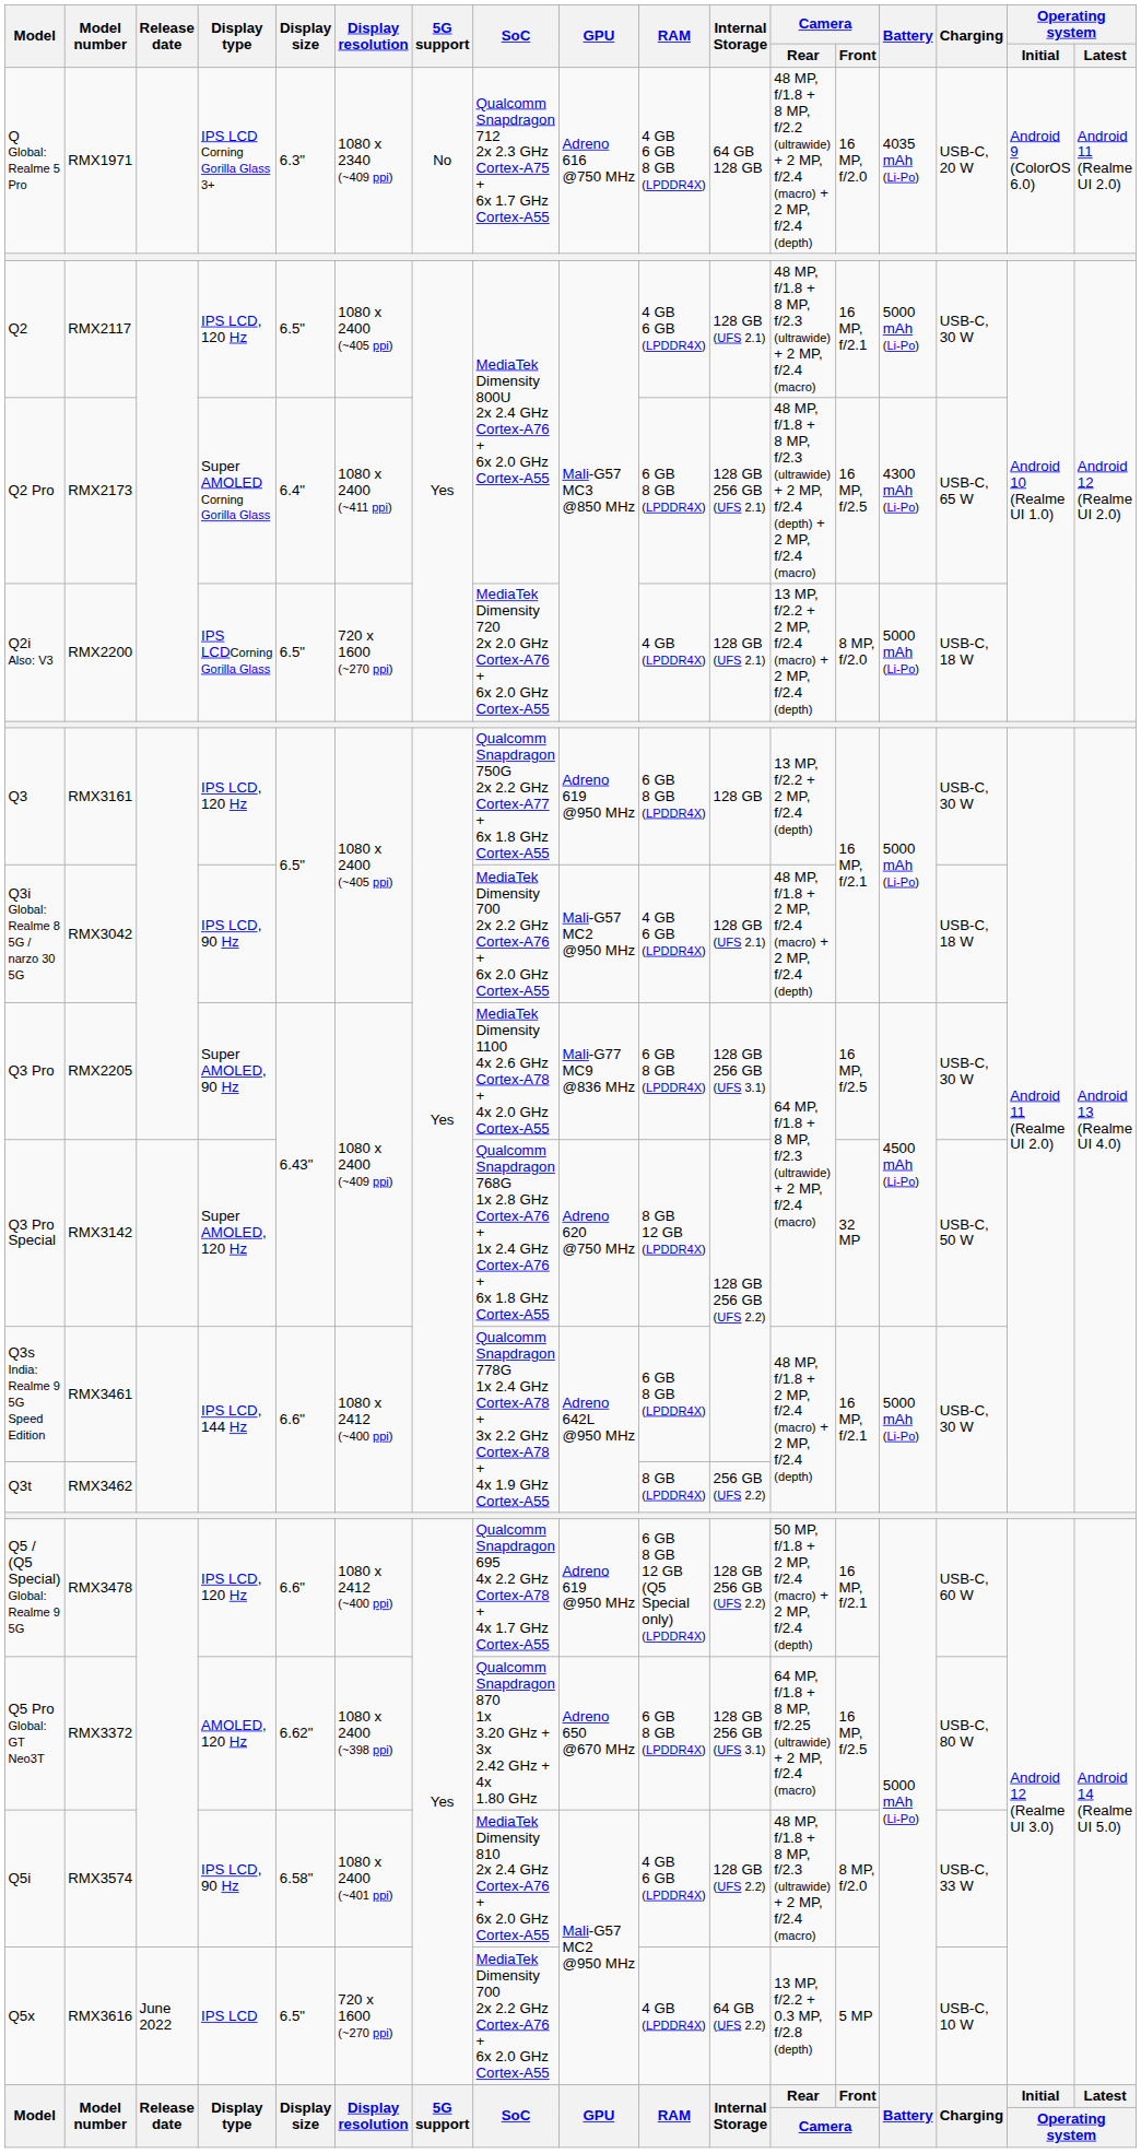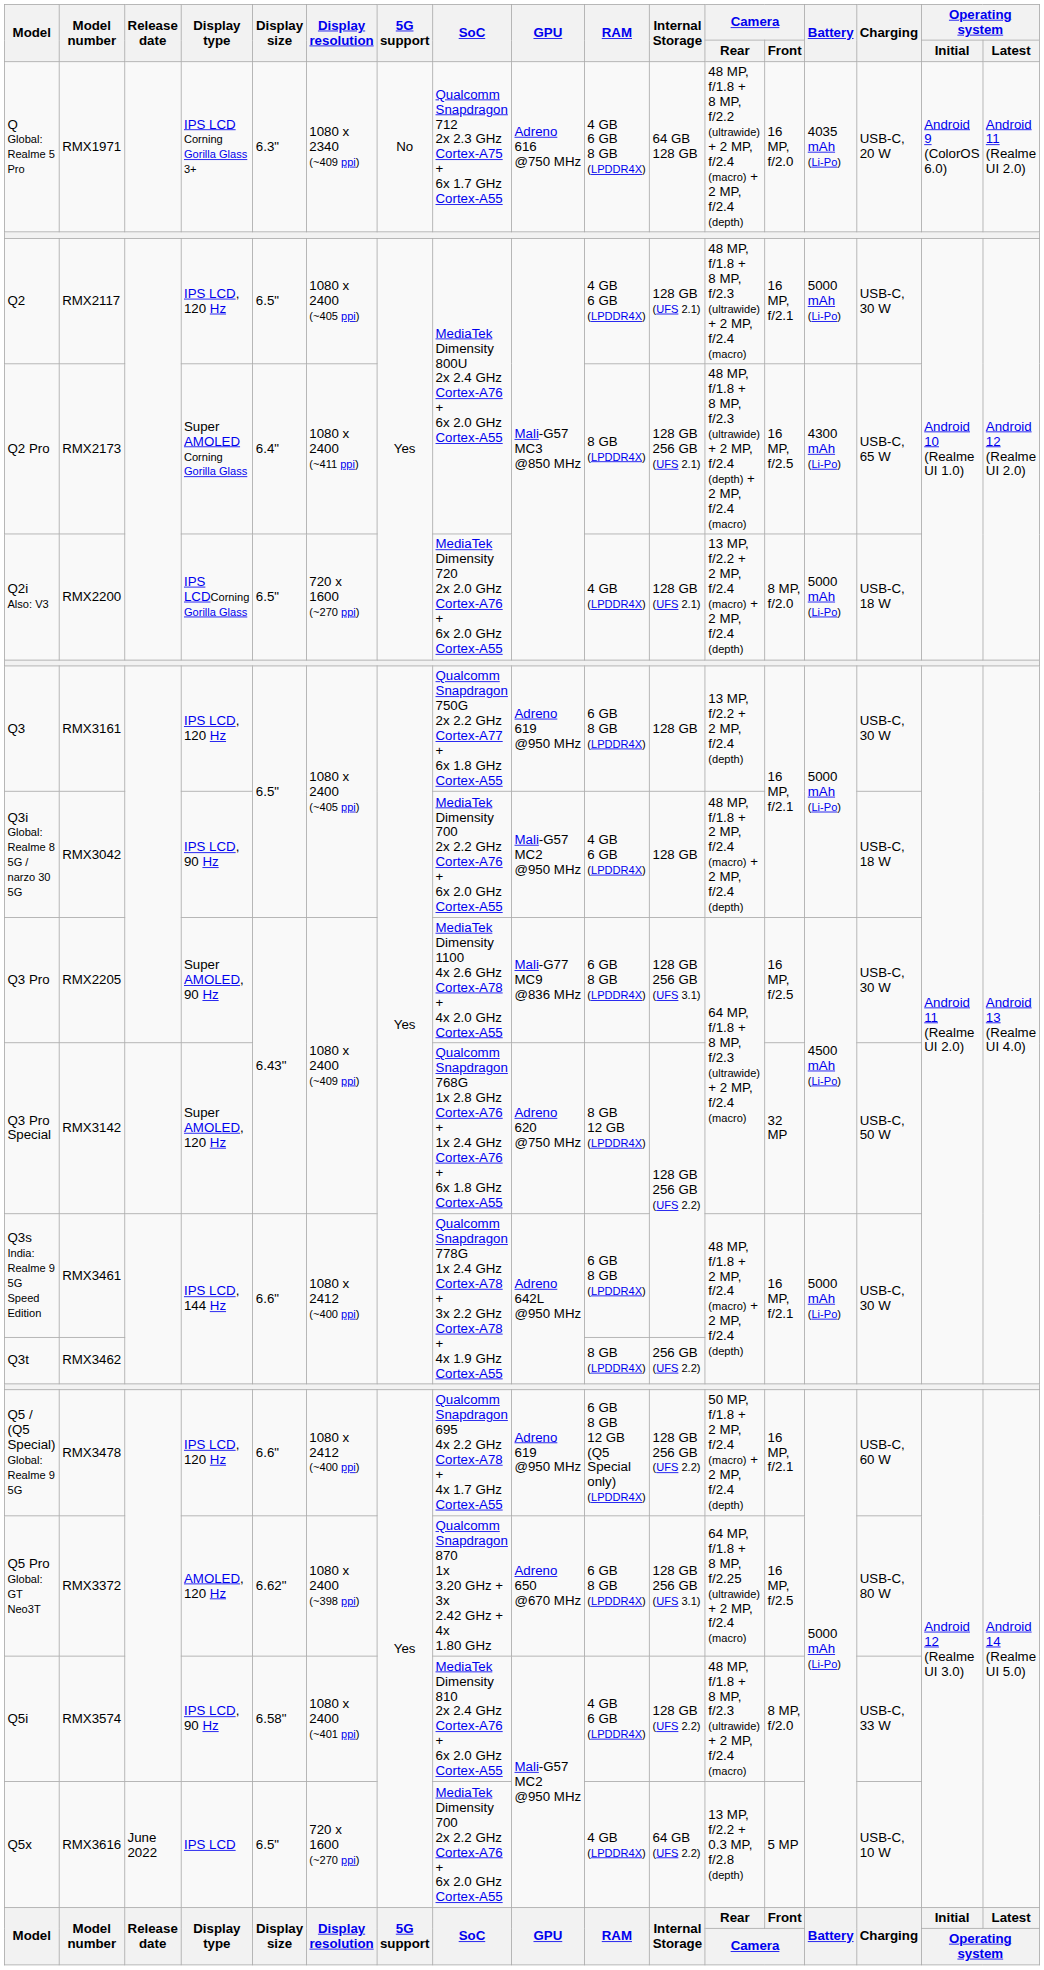 <table class="wikitable sortable mw-collapsible">
 <tr>
 <th rowspan="2">Model</th>
 <th rowspan="2">Model number</th>
 <th rowspan="2">Release date </th>
 <th rowspan="2">Display type</th>
 <th rowspan="2">Display size</th>
 <th rowspan="2"><a href='#'>Display resolution</a></th>
 <th rowspan="2"><a href='#'>5G</a> support</th>
 <th rowspan="2"><a href='#'>SoC</a></th>
 <th rowspan="2"><a href='#'>GPU</a></th>
 <th rowspan="2"><a href='#'>RAM</a></th>
 <th rowspan="2">Internal Storage</th>
 <th colspan="2"><a href='#'>Camera</a></th>
 <th rowspan="2"><a href='#'>Battery</a></th>
 <th rowspan="2">Charging</th>
 <th colspan="2"><a href='#'>Operating system</a></th>
 </tr>
 <tr>
 <th>Rear</th>
 <th>Front</th>
 <th>Initial</th>
 <th>Latest</th>
 </tr>
 <tr>
 <td>Q<br><small>Global: Realme 5 Pro</small></td>
 <td>RMX1971</td>
 <td></td>
 <td><a href='#'>IPS LCD</a><br><small>Corning <a href='#'>Gorilla Glass</a> 3+</small></td>
 <td>6.3"</td>
 <td>1080 x 2340<br><small>(~409 <a href='#'>ppi</a>)</small></td>
 <td style="text-align:center;">No</td>
 <td><a href='#'>Qualcomm Snapdragon</a> 712<br>2x 2.3 GHz <a href='#'>Cortex-A75</a> +<br>6x 1.7 GHz <a href='#'>Cortex-A55</a></td>
 <td><a href='#'>Adreno</a> 616<br>@750 MHz</td>
 <td>4 GB<br>6 GB<br>8 GB<br><small>(<a href='#'>LPDDR4X</a>)</small></td>
 <td>64 GB<br>128 GB</td>
 <td>48 MP, f/1.8 +<br>8 MP, f/2.2 <small>(ultrawide)</small> + 2 MP, f/2.4 <small>(macro)</small> + 2 MP, f/2.4 <small>(depth)</small></td>
 <td>16 MP, f/2.0</td>
 <td>4035 <a href='#'>mAh</a><br><small>(<a href='#'>Li-Po</a>)</small></td>
 <td>USB-C, 20 W</td>
 <td><a href='#'>Android 9</a><br>(ColorOS 6.0)</td>
 <td><a href='#'>Android 11</a><br>(Realme UI 2.0)</td>
 </tr>
 <tr>
 <th colspan="17"></th>
 </tr>
 <tr>
 <td>Q2</td>
 <td>RMX2117</td>
 <td rowspan="3"></td>
 <td><a href='#'>IPS LCD</a>, 120 <a href='#'>Hz</a></td>
 <td>6.5"</td>
 <td>1080 x 2400<br><small>(~405 <a href='#'>ppi</a>)</small></td>
 <td rowspan="3" style="text-align:center;">Yes</td>
 <td rowspan="2"><a href='#'>MediaTek</a> Dimensity 800U<br>2x 2.4 GHz <a href='#'>Cortex-A76</a> +<br>6x 2.0 GHz <a href='#'>Cortex-A55</a></td>
 <td rowspan="3"><a href='#'>Mali</a>-G57 MC3<br>@850 MHz</td>
 <td>4 GB<br>6 GB<br><small>(<a href='#'>LPDDR4X</a>)</small></td>
 <td>128 GB<br><small>(<a href='#'>UFS</a> 2.1)</small></td>
 <td>48 MP, f/1.8 +<br>8 MP, f/2.3 <small>(ultrawide)</small> + 2 MP, f/2.4 <small>(macro)</small></td>
 <td>16 MP, f/2.1</td>
 <td>5000 <a href='#'>mAh</a><br><small>(<a href='#'>Li-Po</a>)</small></td>
 <td>USB-C, 30 W</td>
 <td rowspan="3"><a href='#'>Android 10</a><br>(Realme UI 1.0)</td>
 <td rowspan="3"><a href='#'>Android 12</a><br>(Realme UI 2.0)</td>
 </tr>
 <tr>
 <td>Q2 Pro</td>
 <td>RMX2173</td>
 <td>Super <a href='#'>AMOLED</a><br><small>Corning <a href='#'>Gorilla Glass</a></small></td>
 <td>6.4"</td>
 <td>1080 x 2400<br><small>(~411 <a href='#'>ppi</a>)</small></td>
-<td>6 GB<br>8 GB<br><small>(<a href='#'>LPDDR4X</a>)</small></td>
+<td>8 GB<br><small>(<a href='#'>LPDDR4X</a>)</small></td>
 <td>128 GB<br>256 GB<br><small>(<a href='#'>UFS</a> 2.1)</small></td>
 <td>48 MP, f/1.8 +<br>8 MP, f/2.3 <small>(ultrawide)</small> + 2 MP, f/2.4 <small>(depth)</small> + 2 MP, f/2.4 <small>(macro)</small></td>
 <td>16 MP, f/2.5</td>
 <td>4300 <a href='#'>mAh</a><br><small>(<a href='#'>Li-Po</a>)</small></td>
 <td>USB-C, 65 W</td>
 </tr>
 <tr>
 <td>Q2i<br><small>Also: V3</small></td>
 <td>RMX2200</td>
 <td><a href='#'>IPS LCD</a><small>Corning <a href='#'>Gorilla Glass</a></small></td>
 <td>6.5"</td>
 <td>720 x 1600<br><small>(~270 <a href='#'>ppi</a>)</small></td>
 <td><a href='#'>MediaTek</a> Dimensity 720<br>2x 2.0 GHz <a href='#'>Cortex-A76</a> +<br>6x 2.0 GHz <a href='#'>Cortex-A55</a></td>
 <td>4 GB<br><small>(<a href='#'>LPDDR4X</a>)</small></td>
 <td>128 GB<br><small>(<a href='#'>UFS</a> 2.1)</small></td>
 <td>13 MP, f/2.2 +<br>2 MP, f/2.4 <small>(macro)</small> + 2 MP, f/2.4 <small>(depth)</small></td>
 <td>8 MP, f/2.0</td>
 <td>5000 <a href='#'>mAh</a><br><small>(<a href='#'>Li-Po</a>)</small></td>
 <td>USB-C, 18 W</td>
 </tr>
 <tr>
 <th colspan="17"></th>
 </tr>
 <tr>
 <td>Q3</td>
 <td>RMX3161</td>
 <td rowspan="3"></td>
 <td><a href='#'>IPS LCD</a>, 120 <a href='#'>Hz</a></td>
 <td rowspan="2">6.5"</td>
 <td rowspan="2">1080 x 2400<br><small>(~405 <a href='#'>ppi</a>)</small></td>
 <td rowspan="6" style="text-align:center;">Yes</td>
 <td><a href='#'>Qualcomm Snapdragon</a> 750G<br>2x 2.2 GHz <a href='#'>Cortex-A77</a> +<br>6x 1.8 GHz <a href='#'>Cortex-A55</a></td>
 <td><a href='#'>Adreno</a> 619<br>@950 MHz</td>
 <td>6 GB<br>8 GB<br><small>(<a href='#'>LPDDR4X</a>)</small></td>
 <td>128 GB</td>
 <td>13 MP, f/2.2 +<br>2 MP, f/2.4 <small>(depth)</small></td>
 <td rowspan="2">16 MP, f/2.1</td>
 <td rowspan="2">5000 <a href='#'>mAh</a><br><small>(<a href='#'>Li-Po</a>)</small></td>
 <td>USB-C, 30 W</td>
 <td rowspan="6"><a href='#'>Android 11</a><br>(Realme UI 2.0)</td>
 <td rowspan="6"><a href='#'>Android 13</a><br>(Realme UI 4.0)</td>
 </tr>
 <tr>
 <td>Q3i<br><small>Global: Realme 8 5G / narzo 30 5G</small></td>
 <td>RMX3042</td>
 <td><a href='#'>IPS LCD</a>, 90 <a href='#'>Hz</a></td>
 <td><a href='#'>MediaTek</a> Dimensity 700<br>2x 2.2 GHz <a href='#'>Cortex-A76</a> +<br>6x 2.0 GHz <a href='#'>Cortex-A55</a></td>
 <td><a href='#'>Mali</a>-G57 MC2<br>@950 MHz</td>
 <td>4 GB<br>6 GB<br><small>(<a href='#'>LPDDR4X</a>)</small></td>
-<td>128 GB<br><small>(<a href='#'>UFS</a> 2.1)</small></td>
+<td>128 GB</td>
 <td>48 MP, f/1.8 +<br>2 MP, f/2.4 <small>(macro)</small> + 2 MP, f/2.4 <small>(depth)</small></td>
 <td>USB-C, 18 W</td>
 </tr>
 <tr>
 <td>Q3 Pro</td>
 <td>RMX2205</td>
 <td>Super <a href='#'>AMOLED</a>, 90 <a href='#'>Hz</a></td>
 <td rowspan="2">6.43"</td>
 <td rowspan="2">1080 x 2400<br><small>(~409 <a href='#'>ppi</a>)</small></td>
 <td><a href='#'>MediaTek</a> Dimensity 1100<br>4x 2.6 GHz <a href='#'>Cortex-A78</a> +<br>4x 2.0 GHz <a href='#'>Cortex-A55</a></td>
 <td><a href='#'>Mali</a>-G77 MC9<br>@836 MHz</td>
 <td>6 GB<br>8 GB<br><small>(<a href='#'>LPDDR4X</a>)</small></td>
 <td>128 GB<br>256 GB<br><small>(<a href='#'>UFS</a> 3.1)</small></td>
 <td rowspan="2">64 MP, f/1.8 +<br>8 MP, f/2.3 <small>(ultrawide)</small> + 2 MP, f/2.4 <small>(macro)</small></td>
 <td>16 MP, f/2.5</td>
 <td rowspan="2">4500 <a href='#'>mAh</a><br><small>(<a href='#'>Li-Po</a>)</small></td>
 <td>USB-C, 30 W</td>
 </tr>
 <tr>
 <td>Q3 Pro Special</td>
 <td>RMX3142</td>
 <td></td>
 <td>Super <a href='#'>AMOLED</a>, 120 <a href='#'>Hz</a></td>
 <td><a href='#'>Qualcomm Snapdragon</a> 768G<br>1x 2.8 GHz <a href='#'>Cortex-A76</a> +<br>1x 2.4 GHz <a href='#'>Cortex-A76</a> +<br>6x 1.8 GHz <a href='#'>Cortex-A55</a></td>
 <td><a href='#'>Adreno</a> 620<br>@750 MHz</td>
 <td>8 GB<br>12 GB<br><small>(<a href='#'>LPDDR4X</a>)</small></td>
 <td rowspan="2">128 GB<br>256 GB<br><small>(<a href='#'>UFS</a> 2.2)</small></td>
 <td>32 MP</td>
 <td>USB-C, 50 W</td>
 </tr>
 <tr>
 <td>Q3s<br><small>India: Realme 9 5G Speed Edition</small></td>
 <td>RMX3461</td>
 <td rowspan="2"></td>
 <td rowspan="2"><a href='#'>IPS LCD</a>, 144 <a href='#'>Hz</a></td>
 <td rowspan="2">6.6"</td>
 <td rowspan="2">1080 x 2412<br><small>(~400 <a href='#'>ppi</a>)</small></td>
 <td rowspan="2"><a href='#'>Qualcomm Snapdragon</a> 778G<br>1x 2.4 GHz <a href='#'>Cortex-A78</a> +<br>3x 2.2 GHz <a href='#'>Cortex-A78</a> +<br>4x 1.9 GHz <a href='#'>Cortex-A55</a></td>
 <td rowspan="2"><a href='#'>Adreno</a> 642L<br>@950 MHz</td>
 <td>6 GB<br>8 GB<br><small>(<a href='#'>LPDDR4X</a>)</small></td>
 <td rowspan="2">48 MP, f/1.8 +<br>2 MP, f/2.4 <small>(macro)</small> + 2 MP, f/2.4 <small>(depth)</small></td>
 <td rowspan="2">16 MP, f/2.1</td>
 <td rowspan="2">5000 <a href='#'>mAh</a><br><small>(<a href='#'>Li-Po</a>)</small></td>
 <td rowspan="2">USB-C, 30 W</td>
 </tr>
 <tr>
 <td>Q3t</td>
 <td>RMX3462</td>
 <td>8 GB<br><small>(<a href='#'>LPDDR4X</a>)</small></td>
 <td>256 GB<br><small>(<a href='#'>UFS</a> 2.2)</small></td>
 </tr>
 <tr>
 <th colspan="17"></th>
 </tr>
 <tr>
 <td>Q5 / (Q5 Special)<br><small>Global: Realme 9 5G</small></td>
 <td>RMX3478</td>
 <td rowspan="3"></td>
 <td><a href='#'>IPS LCD</a>, 120 <a href='#'>Hz</a></td>
 <td>6.6"</td>
 <td>1080 x 2412<br><small>(~400 <a href='#'>ppi</a>)</small></td>
 <td rowspan="4" style="text-align:center;">Yes</td>
 <td><a href='#'>Qualcomm Snapdragon</a> 695<br>4x 2.2 GHz <a href='#'>Cortex-A78</a> +<br>4x 1.7 GHz <a href='#'>Cortex-A55</a></td>
 <td><a href='#'>Adreno</a> 619<br>@950 MHz</td>
 <td>6 GB<br>8 GB<br>12 GB (Q5 Special only) <small>(<a href='#'>LPDDR4X</a>)</small></td>
 <td>128 GB<br>256 GB<br><small>(<a href='#'>UFS</a> 2.2)</small></td>
 <td>50 MP, f/1.8 +<br>2 MP, f/2.4 <small>(macro)</small> + 2 MP, f/2.4 <small>(depth)</small></td>
 <td>16 MP, f/2.1</td>
 <td rowspan="4">5000 <a href='#'>mAh</a><br><small>(<a href='#'>Li-Po</a>)</small></td>
 <td>USB-C, 60 W</td>
 <td rowspan="4"><a href='#'>Android 12</a><br>(Realme UI 3.0)</td>
 <td rowspan="4"><a href='#'>Android 14</a><br>(Realme UI 5.0)</td>
 </tr>
 <tr>
 <td>Q5 Pro<br><small>Global: GT Neo3T</small></td>
 <td>RMX3372</td>
 <td><a href='#'>AMOLED</a>, 120 <a href='#'>Hz</a></td>
 <td>6.62"</td>
 <td>1080 x 2400<br><small>(~398 <a href='#'>ppi</a>)</small></td>
 <td><a href='#'>Qualcomm Snapdragon</a> 870<br>1x 3.20 GHz +<br>3x 2.42 GHz +<br>4x 1.80 GHz</td>
 <td><a href='#'>Adreno</a> 650<br>@670 MHz</td>
 <td>6 GB<br>8 GB <small>(<a href='#'>LPDDR4X</a>)</small></td>
 <td>128 GB<br>256 GB<br><small>(<a href='#'>UFS</a> 3.1)</small></td>
 <td>64 MP, f/1.8 +<br>8 MP, f/2.25 <small>(ultrawide)</small> + 2 MP, f/2.4 <small>(macro)</small></td>
 <td>16 MP, f/2.5</td>
 <td>USB-C, 80 W</td>
 </tr>
 <tr>
 <td>Q5i</td>
 <td>RMX3574</td>
 <td><a href='#'>IPS LCD</a>, 90 <a href='#'>Hz</a></td>
 <td>6.58"</td>
 <td>1080 x 2400<br><small>(~401 <a href='#'>ppi</a>)</small></td>
 <td><a href='#'>MediaTek</a> Dimensity 810<br>2x 2.4 GHz <a href='#'>Cortex-A76</a> +<br>6x 2.0 GHz <a href='#'>Cortex-A55</a></td>
 <td rowspan="2"><a href='#'>Mali</a>-G57 MC2<br>@950 MHz</td>
 <td>4 GB<br>6 GB<br><small>(<a href='#'>LPDDR4X</a>)</small></td>
 <td>128 GB<br><small>(<a href='#'>UFS</a> 2.2)</small></td>
 <td>48 MP, f/1.8 +<br>8 MP, f/2.3 <small>(ultrawide)</small> + 2 MP, f/2.4 <small>(macro)</small></td>
 <td>8 MP, f/2.0</td>
 <td>USB-C, 33 W</td>
 </tr>
 <tr>
 <td>Q5x</td>
 <td>RMX3616</td>
 <td>June 2022</td>
 <td><a href='#'>IPS LCD</a></td>
 <td>6.5"</td>
 <td>720 x 1600<br><small>(~270 <a href='#'>ppi</a>)</small></td>
 <td><a href='#'>MediaTek</a> Dimensity 700<br>2x 2.2 GHz <a href='#'>Cortex-A76</a> +<br>6x 2.0 GHz <a href='#'>Cortex-A55</a></td>
 <td>4 GB<br><small>(<a href='#'>LPDDR4X</a>)</small></td>
 <td>64 GB<br><small>(<a href='#'>UFS</a> 2.2)</small></td>
 <td>13 MP, f/2.2 +<br>0.3 MP, f/2.8 <small>(depth)</small></td>
 <td>5 MP</td>
 <td>USB-C, 10 W</td>
 </tr>
 <tr>
 <th rowspan="2">Model</th>
 <th rowspan="2">Model number</th>
 <th rowspan="2">Release date </th>
 <th rowspan="2">Display type</th>
 <th rowspan="2">Display size</th>
 <th rowspan="2"><a href='#'>Display resolution</a></th>
 <th rowspan="2"><a href='#'>5G</a> support</th>
 <th rowspan="2"><a href='#'>SoC</a></th>
 <th rowspan="2"><a href='#'>GPU</a></th>
 <th rowspan="2"><a href='#'>RAM</a></th>
 <th rowspan="2">Internal Storage</th>
 <th>Rear</th>
 <th>Front</th>
 <th rowspan="2"><a href='#'>Battery</a></th>
 <th rowspan="2">Charging</th>
 <th>Initial</th>
 <th>Latest</th>
 </tr>
 <tr>
 <th colspan="2"><a href='#'>Camera</a></th>
 <th colspan="2"><a href='#'>Operating system</a></th>
 </tr>
 </table>
